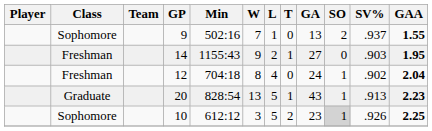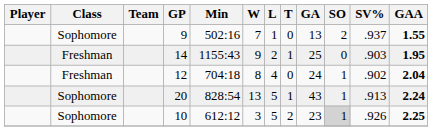 <table class="wikitable sortable" style="text-align: center; "width=60%">
 <tr>
 <th>Player</th>
 <th>Class</th>
 <th>Team</th>
 <th>GP</th>
 <th>Min</th>
 <th>W</th>
 <th>L</th>
 <th>T</th>
 <th>GA</th>
 <th>SO</th>
 <th>SV%</th>
 <th>GAA</th>
 </tr>
 <tr>
 <td align=left></td>
 <td>Sophomore</td>
 <td><strong><a href='#'></a></strong></td>
 <td align=right>9</td>
 <td align=right>502:16</td>
 <td align=right>7</td>
 <td align=right>1</td>
 <td align=right>0</td>
 <td align=right>13</td>
 <td align=right>2</td>
 <td align=right>.937</td>
 <td align=right><strong>1.55</strong></td>
 </tr>
 <tr bgcolor=f0f0f0>
 <td align=left></td>
 <td>Freshman</td>
 <td><strong><a href='#'></a></strong></td>
 <td align=right>14</td>
 <td align=right>1155:43</td>
 <td align=right>9</td>
 <td align=right>2</td>
 <td align=right>1</td>
-<td align=right>27</td>
+<td align=right>25</td>
 <td align=right>0</td>
 <td align=right>.903</td>
 <td align=right><strong>1.95</strong></td>
 </tr>
 <tr>
 <td align=left></td>
 <td>Freshman</td>
 <td><strong><a href='#'></a></strong></td>
 <td align=right>12</td>
 <td align=right>704:18</td>
 <td align=right>8</td>
 <td align=right>4</td>
 <td align=right>0</td>
 <td align=right>24</td>
 <td align=right>1</td>
 <td align=right>.902</td>
 <td align=right><strong>2.04</strong></td>
 </tr>
 <tr bgcolor=f0f0f0>
 <td align=left></td>
-<td>Graduate</td>
+<td>Sophomore</td>
 <td><strong><a href='#'></a></strong></td>
 <td align=right>20</td>
 <td align=right>828:54</td>
 <td align=right>13</td>
 <td align=right>5</td>
 <td align=right>1</td>
 <td align=right>43</td>
 <td align=right>1</td>
 <td align=right>.913</td>
-<td align=right><strong>2.23</strong></td>
+<td align=right><strong>2.24</strong></td>
 </tr>
 <tr>
 <td align=left></td>
 <td>Sophomore</td>
 <td><strong><a href='#'></a></strong></td>
 <td align=right>10</td>
 <td align=right>612:12</td>
 <td align=right>3</td>
 <td align=right>5</td>
 <td align=right>2</td>
 <td align=right>23</td>
 <td align=right style="background: lightgrey;">1</td>
 <td align=right>.926</td>
 <td align=right><strong>2.25</strong></td>
 </tr>
 <tr>
 </tr>
 </table>
